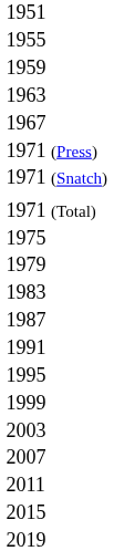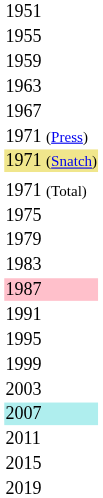 <table>
 <tr>
 <td>1951</td>
 <td></td>
 <td></td>
 <td></td>
 </tr>
 <tr>
 <td>1955</td>
 <td></td>
 <td></td>
 <td></td>
 </tr>
 <tr>
 <td>1959</td>
 <td></td>
 <td></td>
 <td></td>
 </tr>
 <tr>
 <td>1963</td>
 <td></td>
 <td></td>
 <td></td>
 </tr>
 <tr>
 <td>1967</td>
 <td></td>
 <td></td>
 <td></td>
 </tr>
 <tr>
 <td>1971 <small>(<a href='#'>Press</a>)</small></td>
 <td></td>
 <td></td>
 <td></td>
 </tr>
 <tr>
-<td>1971 <small>(<a href='#'>Snatch</a>)</small></td>
+<td style="background: khaki;">1971 <small>(<a href='#'>Snatch</a>)</small></td>
 <td></td>
 <td></td>
 <td></td>
 </tr>
 <tr>
 <td></td>
 <td></td>
 <td></td>
 <td></td>
 </tr>
 <tr>
 <td>1971 <small>(Total)</small></td>
 <td></td>
 <td></td>
 <td></td>
 </tr>
 <tr>
 <td>1975</td>
 <td></td>
 <td></td>
 <td></td>
 </tr>
 <tr>
 <td>1979</td>
 <td></td>
 <td></td>
 <td></td>
 </tr>
 <tr>
 <td>1983</td>
 <td></td>
 <td></td>
 <td></td>
 </tr>
 <tr>
-<td>1987</td>
+<td style="background: pink;">1987</td>
 <td></td>
 <td></td>
 <td></td>
 </tr>
 <tr>
 <td>1991</td>
 <td></td>
 <td></td>
 <td></td>
 </tr>
 <tr>
 <td>1995</td>
 <td></td>
 <td></td>
 <td></td>
 </tr>
 <tr>
 <td>1999</td>
 <td></td>
 <td></td>
 <td></td>
 </tr>
 <tr>
 <td>2003</td>
 <td></td>
 <td></td>
 <td></td>
 </tr>
 <tr>
-<td>2007</td>
+<td style="background: paleturquoise;">2007</td>
 <td align="left"></td>
 <td align="left"></td>
 <td align="left"></td>
 </tr>
 <tr>
 <td>2011<br></td>
 <td></td>
 <td></td>
 <td></td>
 </tr>
 <tr>
 <td>2015<br></td>
 <td></td>
 <td></td>
 <td></td>
 </tr>
 <tr>
 <td>2019<br></td>
 <td></td>
 <td></td>
 <td></td>
 </tr>
 </table>
